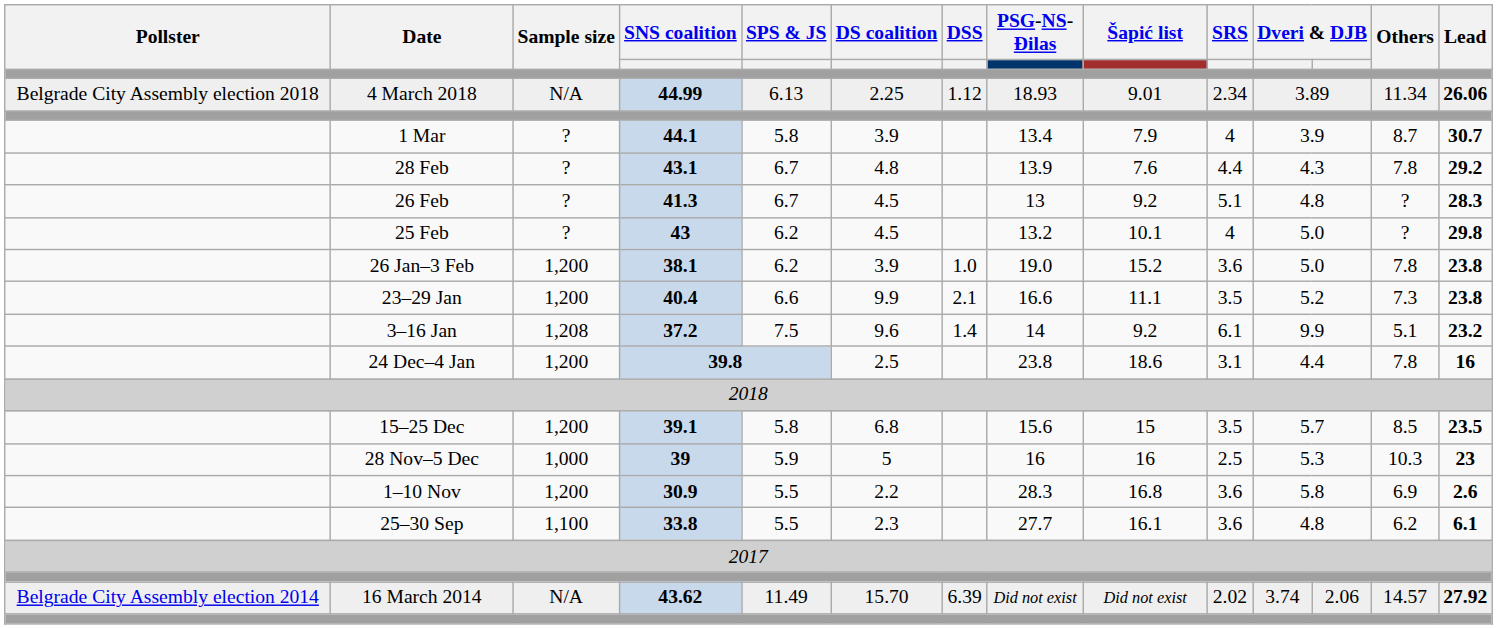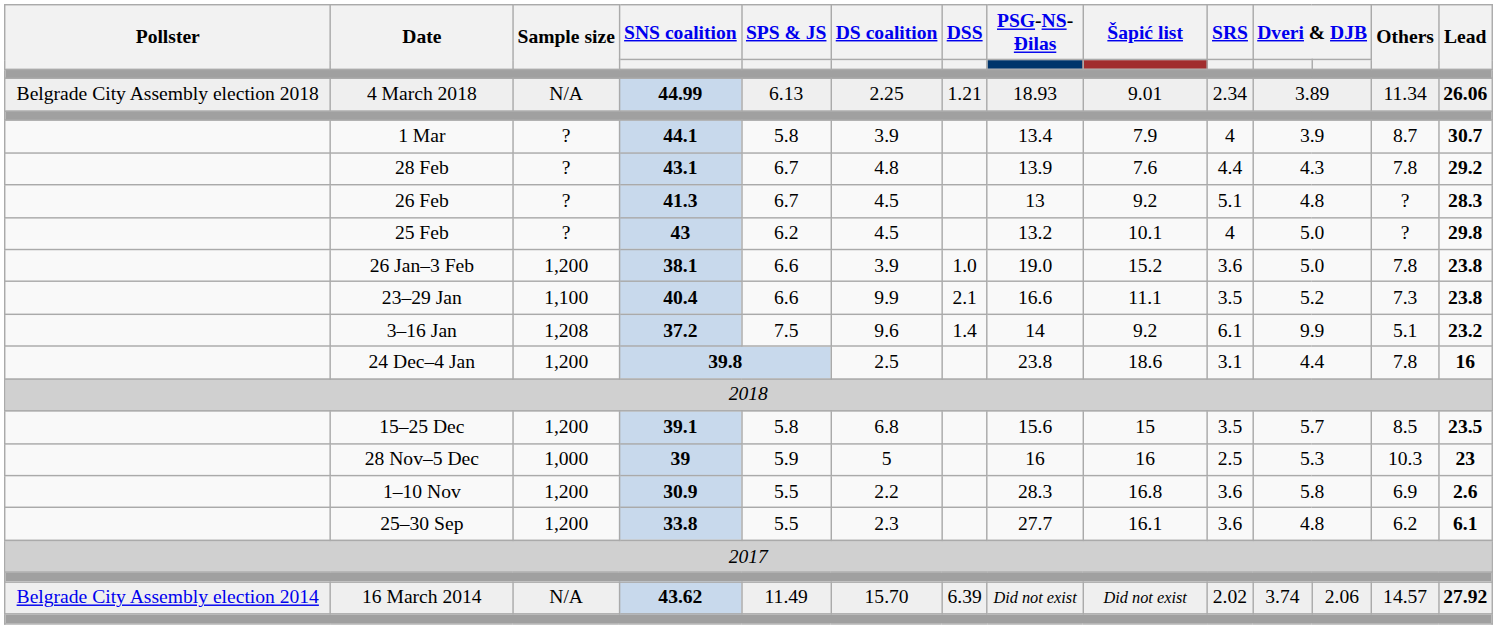 <table class="wikitable" style="text-align:center; font-size:85%; line-height:16px; margin-bottom:0">
 <tr>
 <th style="width:220px;" rowspan="2">Pollster</th>
 <th style="width:120px;" rowspan="2">Date</th>
 <th rowspan="2">Sample size</th>
 <th><a href='#'>SNS coalition</a></th>
 <th><a href='#'>SPS & JS</a></th>
 <th><a href='#'>DS coalition</a></th>
 <th><a href='#'>DSS</a></th>
 <th><a href='#'>PSG</a>-<a href='#'>NS</a>-<a href='#'>Đilas</a></th>
 <th style="width:80px;"><a href='#'>Šapić list</a></th>
 <th><a href='#'>SRS</a></th>
 <th colspan=2><strong><a href='#'>Dveri</a></strong> & <strong><a href='#'>DJB</a></strong></th>
 <th rowspan="2">Others</th>
 <th rowspan="2">Lead</th>
 </tr>
 <tr>
 <th style="background:"></th>
 <th style="background:"></th>
 <th style="background:"></th>
 <th style="background:"></th>
 <th style="background:#00356B; width:60px;"></th>
 <th style="background:#A12D2E; #width:80px;"></th>
 <th style="background:"></th>
 <th style="background:"></th>
 <th style="background:"></th>
 </tr>
 <tr>
 <td colspan="19" style="background:#A0A0A0; color:black"></td>
 </tr>
 <tr style="background:#EFEFEF;">
 <td>Belgrade City Assembly election 2018</td>
 <td>4 March 2018</td>
 <td>N/A</td>
 <td style="background:#C8D9EC"><strong>44.99</strong></td>
 <td>6.13</td>
 <td>2.25</td>
-<td>1.12</td>
+<td>1.21</td>
 <td>18.93</td>
 <td>9.01</td>
 <td>2.34</td>
 <td colspan=2>3.89</td>
 <td>11.34</td>
 <td style="background:"><strong>26.06</strong></td>
 </tr>
 <tr>
 <td colspan="19" style="background:#A0A0A0; color:black"></td>
 </tr>
 <tr>
 <td></td>
 <td>1 Mar</td>
 <td>?</td>
 <td style="background:#C8D9EC"><strong>44.1</strong></td>
 <td>5.8</td>
 <td>3.9</td>
 <td></td>
 <td>13.4</td>
 <td>7.9</td>
 <td>4</td>
 <td colspan=2>3.9</td>
 <td>8.7</td>
 <td style="background:"><strong>30.7</strong></td>
 </tr>
 <tr>
 <td></td>
 <td>28 Feb</td>
 <td>?</td>
 <td style="background:#C8D9EC"><strong>43.1</strong></td>
 <td>6.7</td>
 <td>4.8</td>
 <td></td>
 <td>13.9</td>
 <td>7.6</td>
 <td>4.4</td>
 <td colspan=2>4.3</td>
 <td>7.8</td>
 <td style="background:"><strong>29.2</strong></td>
 </tr>
 <tr>
 <td></td>
 <td>26 Feb</td>
 <td>?</td>
 <td style="background:#C8D9EC"><strong>41.3</strong></td>
 <td>6.7</td>
 <td>4.5</td>
 <td></td>
 <td>13</td>
 <td>9.2</td>
 <td>5.1</td>
 <td colspan=2>4.8</td>
 <td>?</td>
 <td style="background:"><strong>28.3</strong></td>
 </tr>
 <tr>
 <td></td>
 <td>25 Feb</td>
 <td>?</td>
 <td style="background:#C8D9EC"><strong>43</strong></td>
 <td>6.2</td>
 <td>4.5</td>
 <td></td>
 <td>13.2</td>
 <td>10.1</td>
 <td>4</td>
 <td colspan=2>5.0</td>
 <td>?</td>
 <td style="background:"><strong>29.8</strong></td>
 </tr>
 <tr>
 <td></td>
 <td>26 Jan–3 Feb</td>
 <td>1,200</td>
 <td style="background:#C8D9EC"><strong>38.1</strong></td>
-<td>6.2</td>
+<td>6.6</td>
 <td>3.9</td>
 <td>1.0</td>
 <td>19.0</td>
 <td>15.2</td>
 <td>3.6</td>
 <td colspan=2>5.0</td>
 <td>7.8</td>
 <td style="background:"><strong>23.8</strong></td>
 </tr>
 <tr>
 <td></td>
 <td>23–29 Jan</td>
-<td>1,200</td>
+<td>1,100</td>
 <td style="background:#C8D9EC"><strong>40.4</strong></td>
 <td>6.6</td>
 <td>9.9</td>
 <td>2.1</td>
 <td>16.6</td>
 <td>11.1</td>
 <td>3.5</td>
 <td colspan=2>5.2</td>
 <td>7.3</td>
 <td style="background:"><strong>23.8</strong></td>
 </tr>
 <tr>
 <td></td>
 <td>3–16 Jan</td>
 <td>1,208</td>
 <td style="background:#C8D9EC"><strong>37.2</strong></td>
 <td>7.5</td>
 <td>9.6</td>
 <td>1.4</td>
 <td>14</td>
 <td>9.2</td>
 <td>6.1</td>
 <td colspan=2>9.9</td>
 <td>5.1</td>
 <td style="background:"><strong>23.2</strong></td>
 </tr>
 <tr>
 <td></td>
 <td>24 Dec–4 Jan</td>
 <td>1,200</td>
 <td style="background:#C8D9EC" colspan=2><strong>39.8</strong></td>
 <td>2.5</td>
 <td></td>
 <td>23.8</td>
 <td>18.6</td>
 <td>3.1</td>
 <td colspan=2>4.4</td>
 <td>7.8</td>
 <td style="background:"><strong>16</strong></td>
 </tr>
 <tr>
 <td colspan="18" style="background:#D0D0D0; color:black"><em>2018</em></td>
 </tr>
 <tr>
 <td></td>
 <td>15–25 Dec</td>
 <td>1,200</td>
 <td style="background:#C8D9EC"><strong>39.1</strong></td>
 <td>5.8</td>
 <td>6.8</td>
 <td></td>
 <td>15.6</td>
 <td>15</td>
 <td>3.5</td>
 <td colspan=2>5.7</td>
 <td>8.5</td>
 <td style="background:"><strong>23.5</strong></td>
 </tr>
 <tr>
 <td></td>
 <td>28 Nov–5 Dec</td>
 <td>1,000</td>
 <td style="background:#C8D9EC"><strong>39</strong></td>
 <td>5.9</td>
 <td>5</td>
 <td></td>
 <td>16</td>
 <td>16</td>
 <td>2.5</td>
 <td colspan=2>5.3</td>
 <td>10.3</td>
 <td style="background:"><strong>23</strong></td>
 </tr>
 <tr>
 <td></td>
 <td>1–10 Nov</td>
 <td>1,200</td>
 <td style="background:#C8D9EC"><strong>30.9</strong></td>
 <td>5.5</td>
 <td>2.2</td>
 <td></td>
 <td>28.3</td>
 <td>16.8</td>
 <td>3.6</td>
 <td colspan=2>5.8</td>
 <td>6.9</td>
 <td style="background:"><strong>2.6</strong></td>
 </tr>
 <tr>
 <td></td>
 <td>25–30 Sep</td>
-<td>1,100</td>
+<td>1,200</td>
 <td style="background:#C8D9EC"><strong>33.8</strong></td>
 <td>5.5</td>
 <td>2.3</td>
 <td></td>
 <td>27.7</td>
 <td>16.1</td>
 <td>3.6</td>
 <td colspan=2>4.8</td>
 <td>6.2</td>
 <td style="background:"><strong>6.1</strong></td>
 </tr>
 <tr>
 <td colspan="18" style="background:#D0D0D0; color:black"><em>2017</em></td>
 </tr>
 <tr>
 <td colspan="19" style="background:#A0A0A0; color:black"></td>
 </tr>
 <tr style="background:#EFEFEF;">
 <td><a href='#'>Belgrade City Assembly election 2014</a></td>
 <td>16 March 2014</td>
 <td>N/A</td>
 <td style="background:#C8D9EC"><strong>43.62</strong></td>
 <td>11.49</td>
 <td>15.70</td>
 <td>6.39</td>
 <td><em><small>Did not exist</small></em></td>
 <td><em><small>Did not exist</small></em></td>
 <td>2.02</td>
 <td>3.74</td>
 <td>2.06</td>
 <td>14.57</td>
 <td style="background:"><strong>27.92</strong></td>
 </tr>
 <tr>
 <td colspan="19" style="background:#A0A0A0; color:black"></td>
 </tr>
 </table>
